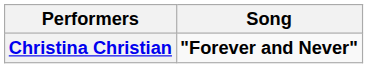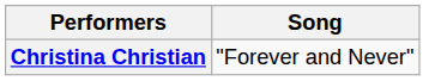 <table class="wikitable unsortable" style="text-align:center;">
 <tr>
 <th scope="col">Performers</th>
 <th scope="col">Song</th>
 </tr>
 <tr>
 <th scope="row"><a href='#'>Christina Christian</a></th>
-<td><strong>"Forever and Never"</strong></td>
+<td>"Forever and Never"</td>
 </tr>
 </table>
